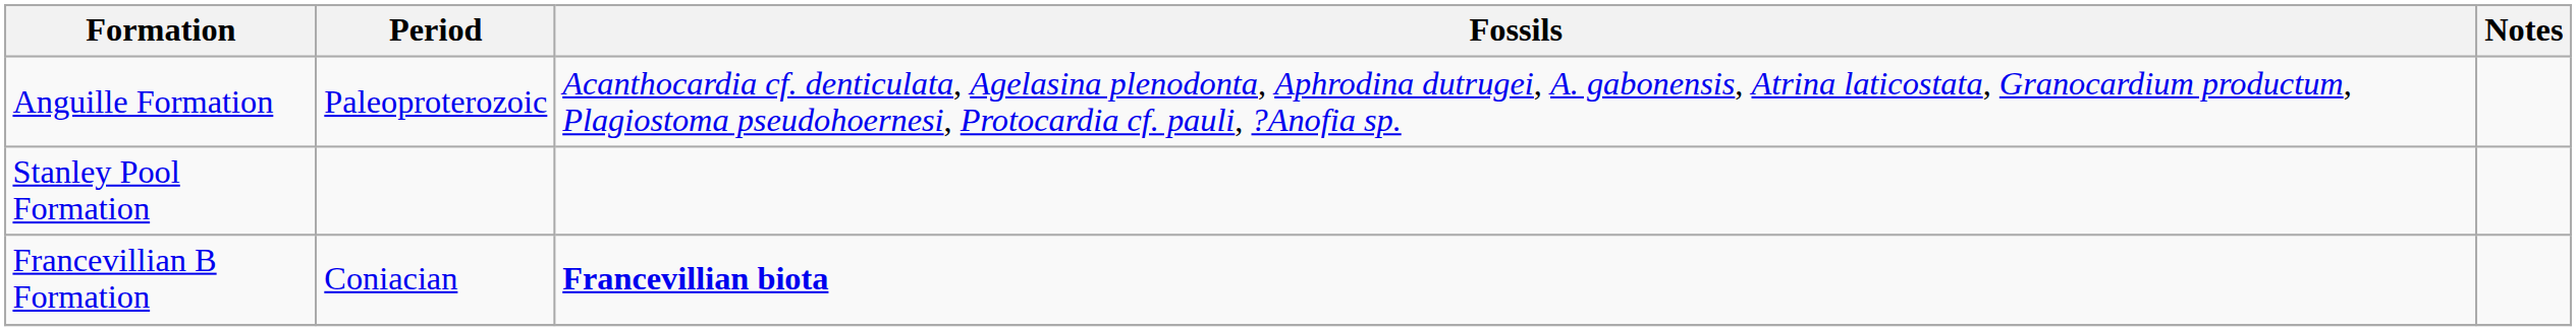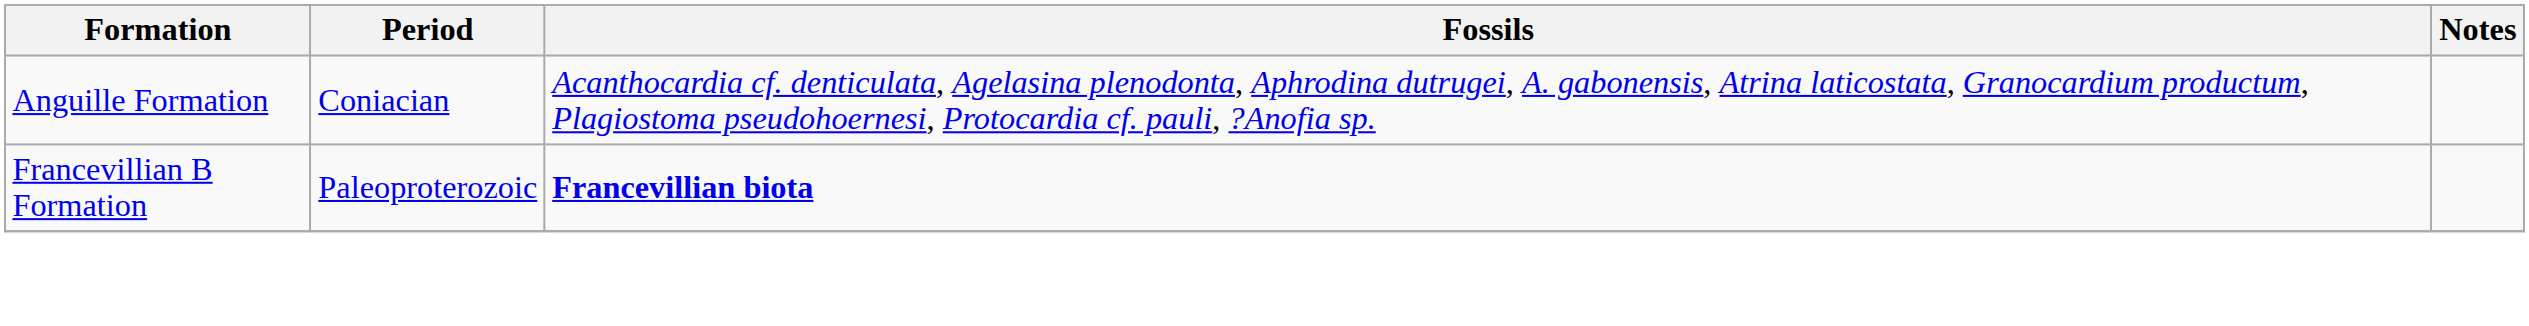 <table class="wikitable sortable">
 <tr>
 <th>Formation</th>
 <th>Period</th>
 <th>Fossils</th>
 <th class="unsortable">Notes</th>
 </tr>
 <tr>
 <td><a href='#'>Anguille Formation</a></td>
-<td style="background-color: "><a href='#'>Paleoproterozoic</a></td>
+<td style="background-color: "><a href='#'>Coniacian</a></td>
 <td><em><a href='#'>Acanthocardia cf. denticulata</a></em>, <em><a href='#'>Agelasina plenodonta</a></em>, <em><a href='#'>Aphrodina dutrugei</a></em>, <em><a href='#'>A. gabonensis</a></em>, <em><a href='#'>Atrina laticostata</a></em>, <em><a href='#'>Granocardium productum</a></em>, <em><a href='#'>Plagiostoma pseudohoernesi</a></em>, <em><a href='#'>Protocardia cf. pauli</a></em>, <em><a href='#'>?Anofia sp.</a></em></td>
 <td align=center></td>
 </tr>
 <tr>
-<td><a href='#'>Stanley Pool Formation</a></td>
-<td></td>
-<td></td>
-<td align=center></td>
-</tr>
-<tr>
 <td><a href='#'>Francevillian B Formation</a></td>
-<td style="background-color: "><a href='#'>Coniacian</a></td>
+<td style="background-color: "><a href='#'>Paleoproterozoic</a></td>
 <td><strong><a href='#'>Francevillian biota</a></strong></td>
 <td align=center></td>
 </tr>
 <tr>
 </tr>
 </table>
